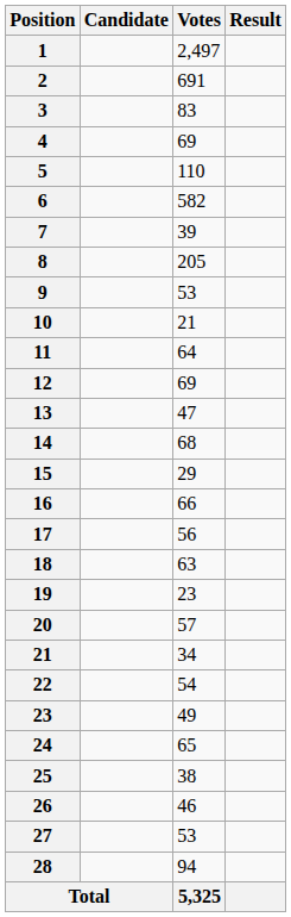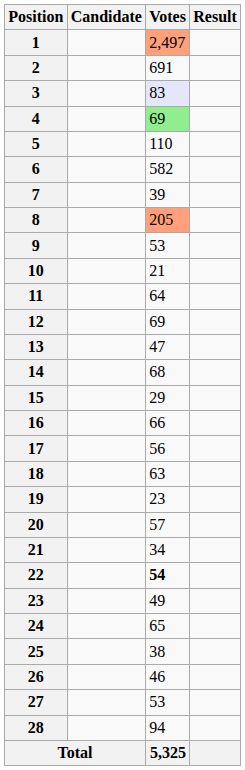 <table class="wikitable sortable col3right">
 <tr>
 <th scope="col">Position</th>
 <th scope="col">Candidate</th>
 <th scope="col">Votes</th>
 <th scope="col">Result</th>
 </tr>
 <tr>
 <th scope="row">1</th>
 <td></td>
-<td>2,497</td>
+<td style="background: lightsalmon;">2,497</td>
 <td></td>
 </tr>
 <tr>
 <th scope="row">2</th>
 <td></td>
 <td>691</td>
 <td></td>
 </tr>
 <tr>
 <th scope="row">3</th>
 <td></td>
-<td>83</td>
+<td style="background: lavender;">83</td>
 <td></td>
 </tr>
 <tr>
 <th scope="row">4</th>
 <td></td>
-<td>69</td>
+<td style="background: lightgreen;">69</td>
 <td></td>
 </tr>
 <tr>
 <th scope="row">5</th>
 <td></td>
 <td>110</td>
 <td></td>
 </tr>
 <tr>
 <th scope="row">6</th>
 <td></td>
 <td>582</td>
 <td></td>
 </tr>
 <tr>
 <th scope="row">7</th>
 <td></td>
 <td>39</td>
 <td></td>
 </tr>
 <tr>
 <th scope="row">8</th>
 <td></td>
-<td>205</td>
+<td style="background: lightsalmon;">205</td>
 <td></td>
 </tr>
 <tr>
 <th scope="row">9</th>
 <td></td>
 <td>53</td>
 <td></td>
 </tr>
 <tr>
 <th scope="row">10</th>
 <td></td>
 <td>21</td>
 <td></td>
 </tr>
 <tr>
 <th scope="row">11</th>
 <td></td>
 <td>64</td>
 <td></td>
 </tr>
 <tr>
 <th scope="row">12</th>
 <td></td>
 <td>69</td>
 <td></td>
 </tr>
 <tr>
 <th scope="row">13</th>
 <td></td>
 <td>47</td>
 <td></td>
 </tr>
 <tr>
 <th scope="row">14</th>
 <td></td>
 <td>68</td>
 <td></td>
 </tr>
 <tr>
 <th scope="row">15</th>
 <td></td>
 <td>29</td>
 <td></td>
 </tr>
 <tr>
 <th scope="row">16</th>
 <td></td>
 <td>66</td>
 <td></td>
 </tr>
 <tr>
 <th scope="row">17</th>
 <td></td>
 <td>56</td>
 <td></td>
 </tr>
 <tr>
 <th scope="row">18</th>
 <td></td>
 <td>63</td>
 <td></td>
 </tr>
 <tr>
 <th scope="row">19</th>
 <td></td>
 <td>23</td>
 <td></td>
 </tr>
 <tr>
 <th scope="row">20</th>
 <td></td>
 <td>57</td>
 <td></td>
 </tr>
 <tr>
 <th scope="row">21</th>
 <td></td>
 <td>34</td>
 <td></td>
 </tr>
 <tr>
 <th scope="row">22</th>
 <td></td>
-<td>54</td>
+<td><strong>54</strong></td>
 <td></td>
 </tr>
 <tr>
 <th scope="row">23</th>
 <td></td>
 <td>49</td>
 <td></td>
 </tr>
 <tr>
 <th scope="row">24</th>
 <td></td>
 <td>65</td>
 <td></td>
 </tr>
 <tr>
 <th scope="row">25</th>
 <td></td>
 <td>38</td>
 <td></td>
 </tr>
 <tr>
 <th scope="row">26</th>
 <td></td>
 <td>46</td>
 <td></td>
 </tr>
 <tr>
 <th scope="row">27</th>
 <td></td>
 <td>53</td>
 <td></td>
 </tr>
 <tr>
 <th scope="row">28</th>
 <td></td>
 <td>94</td>
 <td></td>
 </tr>
 <tr class=sortbottom>
 <th scope="row" colspan="2">Total</th>
 <th style="text-align:right">5,325</th>
 <th></th>
 </tr>
 </table>
